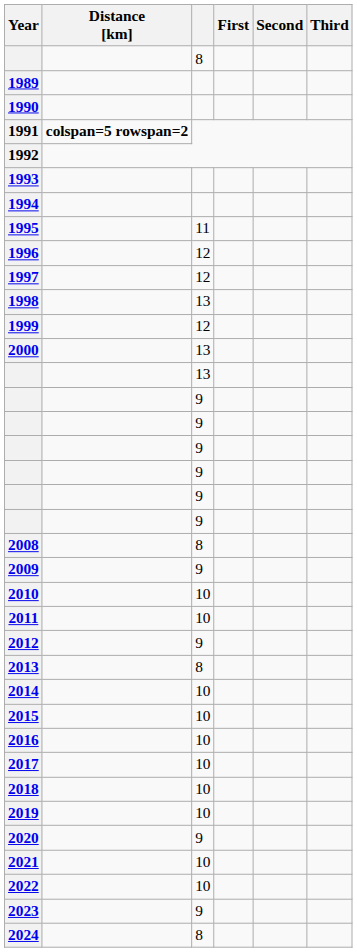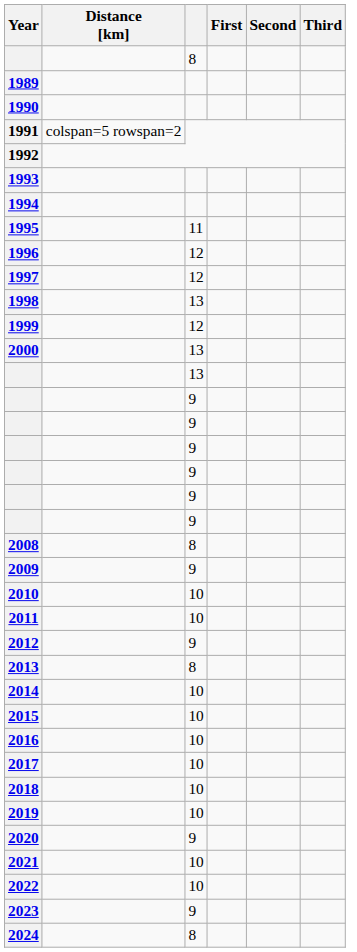 <table class="wikitable sortable">
 <tr>
 <th>Year</th>
 <th>Distance<br>[km]</th>
 <th></th>
 <th>First</th>
 <th>Second</th>
 <th>Third</th>
 </tr>
 <tr>
 <th></th>
 <td></td>
 <td>8</td>
 <td></td>
 <td></td>
 <td></td>
 </tr>
 <tr>
 <th><a href='#'>1989</a></th>
 <td></td>
 <td></td>
 <td></td>
 <td></td>
 <td></td>
 </tr>
 <tr>
 <th><a href='#'>1990</a></th>
 <td></td>
 <td></td>
 <td></td>
 <td></td>
 <td></td>
 </tr>
 <tr>
 <th>1991</th>
-<td><strong>colspan=5 rowspan=2 </strong></td>
+<td>colspan=5 rowspan=2 </td>
 </tr>
 <tr>
 <th>1992</th>
 </tr>
 <tr>
 <th><a href='#'>1993</a></th>
 <td></td>
 <td></td>
 <td></td>
 <td></td>
 <td></td>
 </tr>
 <tr>
 <th><a href='#'>1994</a></th>
 <td></td>
 <td></td>
 <td></td>
 <td></td>
 <td></td>
 </tr>
 <tr>
 <th><a href='#'>1995</a></th>
 <td></td>
 <td>11</td>
 <td></td>
 <td></td>
 <td></td>
 </tr>
 <tr>
 <th><a href='#'>1996</a></th>
 <td></td>
 <td>12</td>
 <td></td>
 <td></td>
 <td></td>
 </tr>
 <tr>
 <th><a href='#'>1997</a></th>
 <td></td>
 <td>12</td>
 <td></td>
 <td></td>
 <td></td>
 </tr>
 <tr>
 <th><a href='#'>1998</a></th>
 <td></td>
 <td>13</td>
 <td></td>
 <td></td>
 <td></td>
 </tr>
 <tr>
 <th><a href='#'>1999</a></th>
 <td></td>
 <td>12</td>
 <td></td>
 <td></td>
 <td></td>
 </tr>
 <tr>
 <th><a href='#'>2000</a></th>
 <td></td>
 <td>13</td>
 <td></td>
 <td></td>
 <td></td>
 </tr>
 <tr>
 <th style="padding-left:1em"></th>
 <td></td>
 <td>13</td>
 <td></td>
 <td></td>
 <td></td>
 </tr>
 <tr>
 <th></th>
 <td></td>
 <td>9</td>
 <td></td>
 <td></td>
 <td></td>
 </tr>
 <tr>
 <th></th>
 <td></td>
 <td>9</td>
 <td></td>
 <td></td>
 <td></td>
 </tr>
 <tr>
 <th></th>
 <td></td>
 <td>9</td>
 <td></td>
 <td></td>
 <td></td>
 </tr>
 <tr>
 <th></th>
 <td></td>
 <td>9</td>
 <td></td>
 <td></td>
 <td></td>
 </tr>
 <tr>
 <th></th>
 <td></td>
 <td>9</td>
 <td></td>
 <td></td>
 <td></td>
 </tr>
 <tr>
 <th></th>
 <td></td>
 <td>9</td>
 <td></td>
 <td></td>
 <td></td>
 </tr>
 <tr>
 <th><a href='#'>2008</a></th>
 <td></td>
 <td>8</td>
 <td></td>
 <td></td>
 <td></td>
 </tr>
 <tr>
 <th><a href='#'>2009</a></th>
 <td></td>
 <td>9</td>
 <td></td>
 <td></td>
 <td></td>
 </tr>
 <tr>
 <th><a href='#'>2010</a></th>
 <td></td>
 <td>10</td>
 <td></td>
 <td></td>
 <td></td>
 </tr>
 <tr>
 <th><a href='#'>2011</a></th>
 <td></td>
 <td>10</td>
 <td></td>
 <td></td>
 <td></td>
 </tr>
 <tr>
 <th><a href='#'>2012</a></th>
 <td></td>
 <td>9</td>
 <td></td>
 <td></td>
 <td></td>
 </tr>
 <tr>
 <th><a href='#'>2013</a></th>
 <td></td>
 <td>8</td>
 <td></td>
 <td></td>
 <td></td>
 </tr>
 <tr>
 <th><a href='#'>2014</a></th>
 <td></td>
 <td>10</td>
 <td></td>
 <td></td>
 <td></td>
 </tr>
 <tr>
 <th><a href='#'>2015</a></th>
 <td></td>
 <td>10</td>
 <td></td>
 <td></td>
 <td></td>
 </tr>
 <tr>
 <th><a href='#'>2016</a></th>
 <td></td>
 <td>10</td>
 <td></td>
 <td></td>
 <td></td>
 </tr>
 <tr>
 <th><a href='#'>2017</a></th>
 <td></td>
 <td>10</td>
 <td></td>
 <td></td>
 <td></td>
 </tr>
 <tr>
 <th><a href='#'>2018</a></th>
 <td></td>
 <td>10</td>
 <td></td>
 <td></td>
 <td></td>
 </tr>
 <tr>
 <th><a href='#'>2019</a></th>
 <td></td>
 <td>10</td>
 <td></td>
 <td></td>
 <td></td>
 </tr>
 <tr>
 <th><a href='#'>2020</a></th>
 <td></td>
 <td>9</td>
 <td></td>
 <td></td>
 <td></td>
 </tr>
 <tr>
 <th><a href='#'>2021</a></th>
 <td></td>
 <td>10</td>
 <td></td>
 <td></td>
 <td></td>
 </tr>
 <tr>
 <th><a href='#'>2022</a></th>
 <td></td>
 <td>10</td>
 <td></td>
 <td></td>
 <td></td>
 </tr>
 <tr>
 <th><a href='#'>2023</a></th>
 <td></td>
 <td>9</td>
 <td></td>
 <td></td>
 <td></td>
 </tr>
 <tr>
 <th><a href='#'>2024</a></th>
 <td></td>
 <td>8</td>
 <td></td>
 <td></td>
 <td></td>
 </tr>
 </table>
